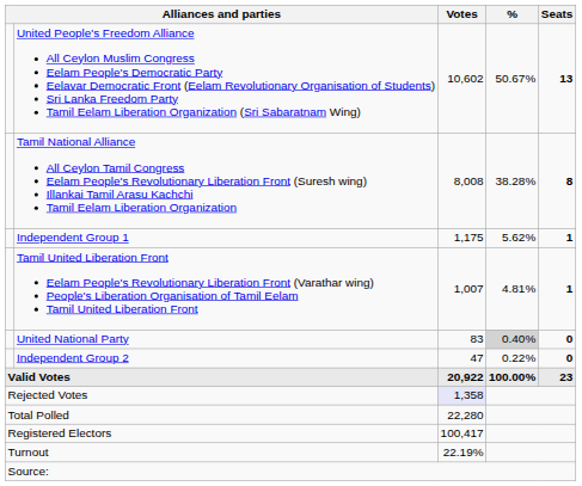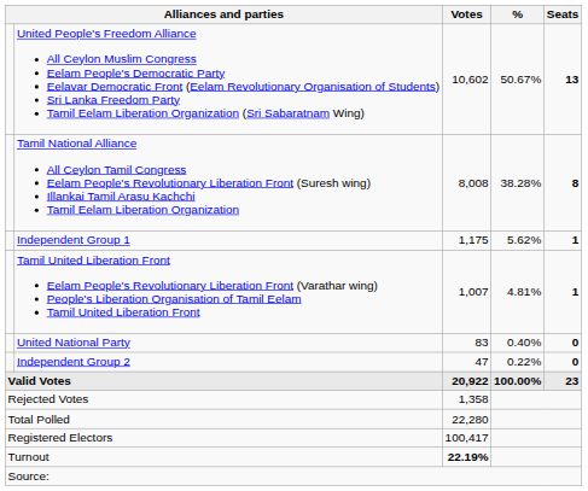 <table class="wikitable" border="1" style="text-align:right;">
 <tr>
 <th valign=bottom align=left colspan=2>Alliances and parties</th>
 <th valign=bottom align=center>Votes</th>
 <th valign=bottom align=center>%</th>
 <th valign=bottom align=center>Seats</th>
 </tr>
 <tr>
 <td style="background-color:"> </td>
 <td style="text-align:left;"><a href='#'>United People's Freedom Alliance</a><br><ul><li><a href='#'>All Ceylon Muslim Congress</a></li><li><a href='#'>Eelam People's Democratic Party</a></li><li><a href='#'>Eelavar Democratic Front</a> (<a href='#'>Eelam Revolutionary Organisation of Students</a>)</li><li><a href='#'>Sri Lanka Freedom Party</a></li><li><a href='#'>Tamil Eelam Liberation Organization</a> (<a href='#'>Sri Sabaratnam</a> Wing)</li></ul></td>
 <td>10,602</td>
 <td>50.67%</td>
 <td><strong>13</strong></td>
 </tr>
 <tr>
 <td style="background-color:"> </td>
 <td style="text-align:left;"><a href='#'>Tamil National Alliance</a><br><ul><li><a href='#'>All Ceylon Tamil Congress</a></li><li><a href='#'>Eelam People's Revolutionary Liberation Front</a> (Suresh wing)</li><li><a href='#'>Illankai Tamil Arasu Kachchi</a></li><li><a href='#'>Tamil Eelam Liberation Organization</a></li></ul></td>
 <td>8,008</td>
 <td>38.28%</td>
 <td><strong>8</strong></td>
 </tr>
 <tr>
 <td style="background-color:"> </td>
 <td style="text-align:left;"><a href='#'>Independent Group 1</a></td>
 <td>1,175</td>
 <td>5.62%</td>
 <td><strong>1</strong></td>
 </tr>
 <tr>
 <td style="background-color:"> </td>
 <td style="text-align:left;"><a href='#'>Tamil United Liberation Front</a><br><ul><li><a href='#'>Eelam People's Revolutionary Liberation Front</a> (Varathar wing)</li><li><a href='#'>People's Liberation Organisation of Tamil Eelam</a></li><li><a href='#'>Tamil United Liberation Front</a></li></ul></td>
 <td>1,007</td>
 <td>4.81%</td>
 <td><strong>1</strong></td>
 </tr>
 <tr>
 <td style="background-color:"> </td>
 <td style="text-align:left;"><a href='#'>United National Party</a></td>
 <td>83</td>
-<td style="background: lightgrey;">0.40%</td>
+<td>0.40%</td>
 <td><strong>0</strong></td>
 </tr>
 <tr>
 <td style="background-color:"> </td>
 <td style="text-align:left;"><a href='#'>Independent Group 2</a></td>
 <td>47</td>
 <td>0.22%</td>
 <td><strong>0</strong></td>
 </tr>
 <tr style="background-color:#E9E9E9; font-weight:bold">
 <td colspan=2 style="text-align:left;">Valid Votes</td>
 <td>20,922</td>
 <td>100.00%</td>
 <td>23</td>
 </tr>
 <tr>
 <td colspan=2 style="text-align:left;">Rejected Votes</td>
-<td style="background: lavender;">1,358</td>
+<td>1,358</td>
 <td colspan=2></td>
 </tr>
 <tr>
 <td colspan=2 style="text-align:left;">Total Polled</td>
 <td>22,280</td>
 <td colspan=2></td>
 </tr>
 <tr>
 <td colspan=2 style="text-align:left;">Registered Electors</td>
 <td>100,417</td>
 <td colspan=2></td>
 </tr>
 <tr>
 <td colspan=2 style="text-align:left;">Turnout</td>
-<td>22.19%</td>
+<td><strong>22.19%</strong></td>
 <td colspan=2></td>
 </tr>
 <tr>
 <td align=left colspan=5>Source:</td>
 </tr>
 </table>
